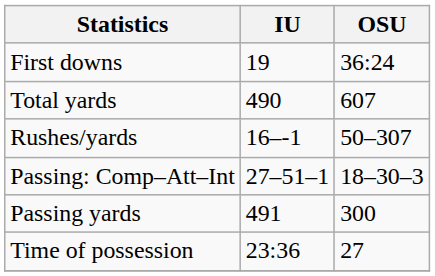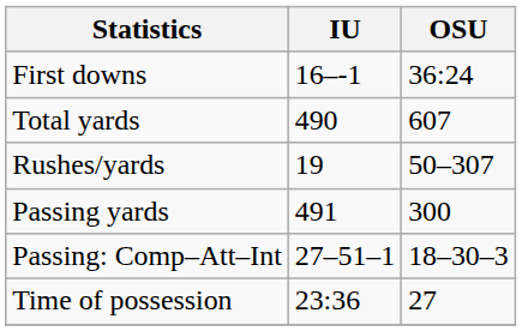 <table class="wikitable" style="float: left;">
 <tr>
 <th>Statistics</th>
 <th>IU</th>
 <th>OSU</th>
 </tr>
 <tr>
 <td>First downs</td>
-<td>19</td>
+<td>16–-1</td>
 <td>36:24</td>
 </tr>
 <tr>
 <td>Total yards</td>
 <td>490</td>
 <td>607</td>
 </tr>
 <tr>
 <td>Rushes/yards</td>
-<td>16–-1</td>
+<td>19</td>
 <td>50–307</td>
+</tr>
+<tr>
+<td>Passing yards</td>
+<td>491</td>
+<td>300</td>
 </tr>
 <tr>
 <td>Passing: Comp–Att–Int</td>
 <td>27–51–1</td>
 <td>18–30–3</td>
-</tr>
-<tr>
-<td>Passing yards</td>
-<td>491</td>
-<td>300</td>
 </tr>
 <tr>
 <td>Time of possession</td>
 <td>23:36</td>
 <td>27</td>
 </tr>
 <tr>
 </tr>
 </table>
